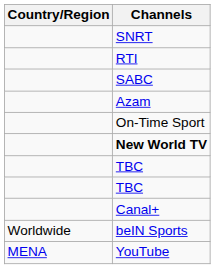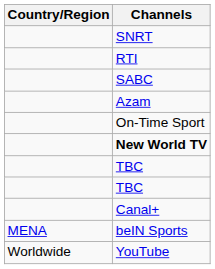 <table class="wikitable">
 <tr>
 <th>Country/Region</th>
 <th>Channels</th>
 </tr>
 <tr>
 <td></td>
 <td><a href='#'>SNRT</a></td>
 </tr>
 <tr>
 <td></td>
 <td><a href='#'>RTI</a></td>
 </tr>
 <tr>
 <td></td>
 <td><a href='#'>SABC</a></td>
 </tr>
 <tr>
 <td></td>
 <td><a href='#'>Azam</a></td>
 </tr>
 <tr>
 <td></td>
 <td>On-Time Sport</td>
 </tr>
 <tr>
 <td></td>
 <td><strong>New World TV</strong></td>
 </tr>
 <tr>
 <td></td>
 <td><a href='#'>TBC</a></td>
 </tr>
 <tr>
 <td></td>
 <td><a href='#'>TBC</a></td>
 </tr>
 <tr>
 <td></td>
 <td><a href='#'>Canal+</a></td>
 </tr>
 <tr>
-<td>Worldwide</td>
+<td> <a href='#'>MENA</a></td>
 <td><a href='#'>beIN Sports</a></td>
 </tr>
 <tr>
-<td> <a href='#'>MENA</a></td>
+<td>Worldwide</td>
 <td><a href='#'>YouTube</a></td>
 </tr>
 </table>
